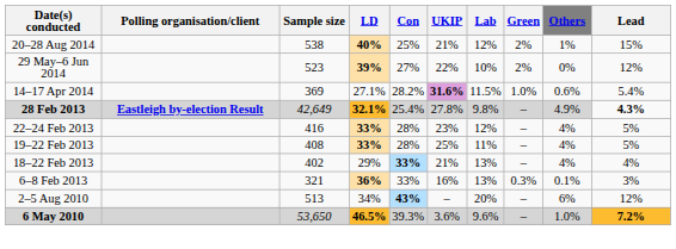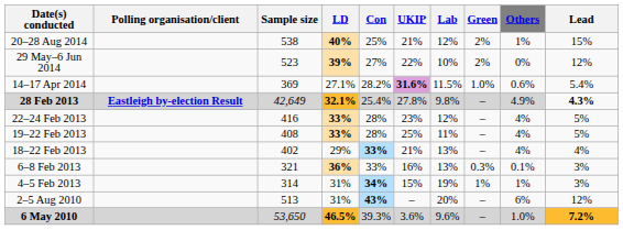 <table class="wikitable sortable" style="text-align:center;font-size:90%;line-height:14px">
 <tr>
 <th ! style="width:105px;">Date(s)<br>conducted</th>
 <th style="width:200px;">Polling organisation/client</th>
 <th class="unsortable" style="width:75px;">Sample size</th>
 <th class="unsortable" style="background:"><a href='#'><span>LD</span></a></th>
 <th class="unsortable" style="background:"><a href='#'><span>Con</span></a></th>
 <th class="unsortable" style="background:"><a href='#'><span>UKIP</span></a></th>
 <th class="unsortable" style="background:"><a href='#'><span>Lab</span></a></th>
 <th class="unsortable" style="background:"><a href='#'><span>Green</span></a></th>
 <th class="unsortable" style="background:gray; width:50px;"><a href='#'><span>Others</span></a></th>
 <th class="unsortable" style="width:85px;">Lead</th>
 </tr>
 <tr>
 <td>20–28 Aug 2014</td>
 <td></td>
 <td>538</td>
 <td style="background:#FEE1A8"><strong>40%</strong></td>
 <td>25%</td>
 <td>21%</td>
 <td>12%</td>
 <td>2%</td>
 <td>1%</td>
 <td style="background:">15%</td>
 </tr>
 <tr>
 <td>29 May–6 Jun 2014</td>
 <td></td>
 <td>523</td>
 <td style="background:#FEE1A8"><strong>39%</strong></td>
 <td>27%</td>
 <td>22%</td>
 <td>10%</td>
 <td>2%</td>
 <td>0%</td>
 <td style="background:">12%</td>
 </tr>
 <tr>
 <td>14–17 Apr 2014</td>
 <td></td>
 <td>369</td>
 <td>27.1%</td>
 <td>28.2%</td>
 <td style="background:plum"><strong>31.6%</strong></td>
 <td>11.5%</td>
 <td>1.0%</td>
 <td>0.6%</td>
 <td style="background:">5.4%</td>
 </tr>
 <tr>
 <td style="background:#D5D5D5"><strong>28 Feb 2013</strong></td>
 <td style="background:#D5D5D5"><strong><a href='#'>Eastleigh by-election Result</a></strong></td>
 <td style="background:#D5D5D5"><em>42,649</em></td>
 <td style="background:#fdbb30"><strong>32.1%</strong></td>
 <td style="background:#D5D5D5">25.4%</td>
 <td style="background:#D5D5D5">27.8%</td>
 <td style="background:#D5D5D5">9.8%</td>
 <td style="background:#D5D5D5">–</td>
 <td style="background:#D5D5D5">4.9%</td>
 <td style="background:"><strong>4.3% </strong></td>
 </tr>
 <tr>
 <td>22–24 Feb 2013</td>
 <td></td>
 <td>416</td>
 <td style="background:#FEE1A8"><strong>33%</strong></td>
 <td>28%</td>
 <td>23%</td>
 <td>12%</td>
 <td>–</td>
 <td>4%</td>
 <td style="background:">5%</td>
 </tr>
 <tr>
 <td>19–22 Feb 2013</td>
 <td></td>
 <td>408</td>
 <td style="background:#FEE1A8"><strong>33%</strong></td>
 <td>28%</td>
 <td>25%</td>
 <td>11%</td>
 <td>–</td>
 <td>4%</td>
 <td style="background:">5%</td>
 </tr>
 <tr>
 <td>18–22 Feb 2013</td>
 <td></td>
 <td>402</td>
 <td>29%</td>
 <td style="background:#B3E0FF"><strong>33%</strong></td>
 <td>21%</td>
 <td>13%</td>
 <td>–</td>
 <td>4%</td>
 <td style="background:">4%</td>
 </tr>
 <tr>
 <td>6–8 Feb 2013</td>
 <td></td>
 <td>321</td>
 <td style="background:#FEE1A8"><strong>36%</strong></td>
 <td>33%</td>
 <td>16%</td>
 <td>13%</td>
 <td>0.3%</td>
 <td>0.1%</td>
 <td style="background:">3%</td>
 </tr>
 <tr>
+<td>4–5 Feb 2013</td>
+<td></td>
+<td>314</td>
+<td>31%</td>
+<td style="background:#B3E0FF"><strong>34%</strong></td>
+<td>15%</td>
+<td>19%</td>
+<td>1%</td>
+<td>1%</td>
+<td style="background:">3%</td>
+</tr>
+<tr>
 <td>2–5 Aug 2010</td>
 <td> </td>
 <td>513</td>
-<td>34%</td>
+<td>31%</td>
 <td style="background:#B3E0FF"><strong>43%</strong></td>
 <td>–</td>
 <td>20%</td>
 <td>–</td>
 <td>6%</td>
 <td style="background:">12%</td>
 </tr>
 <tr>
 <td style="background:#D5D5D5"><strong>6 May 2010</strong></td>
 <td style="background:#D5D5D5"></td>
 <td style="background:#D5D5D5"><em>53,650</em></td>
 <td style="background:#fdbb30"><strong>46.5%</strong></td>
 <td style="background:#D5D5D5">39.3%</td>
 <td style="background:#D5D5D5">3.6%</td>
 <td style="background:#D5D5D5">9.6%</td>
 <td style="background:#D5D5D5">–</td>
 <td style="background:#D5D5D5">1.0%</td>
 <td style="background:#fdbb30"><strong>7.2% </strong></td>
 </tr>
 </table>
